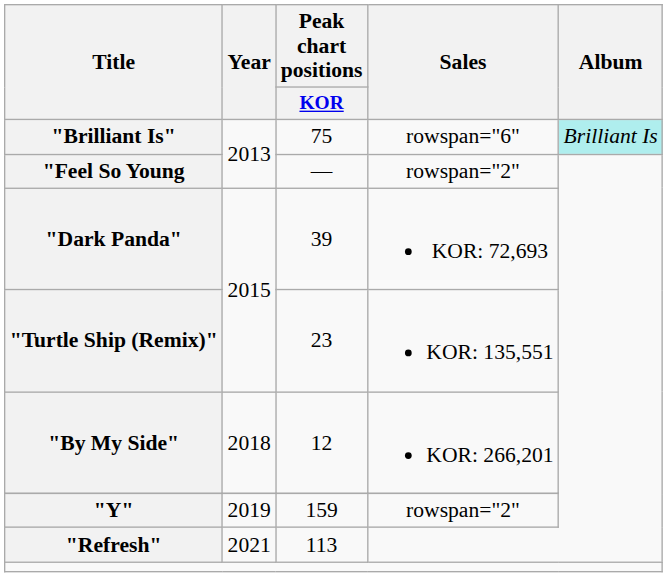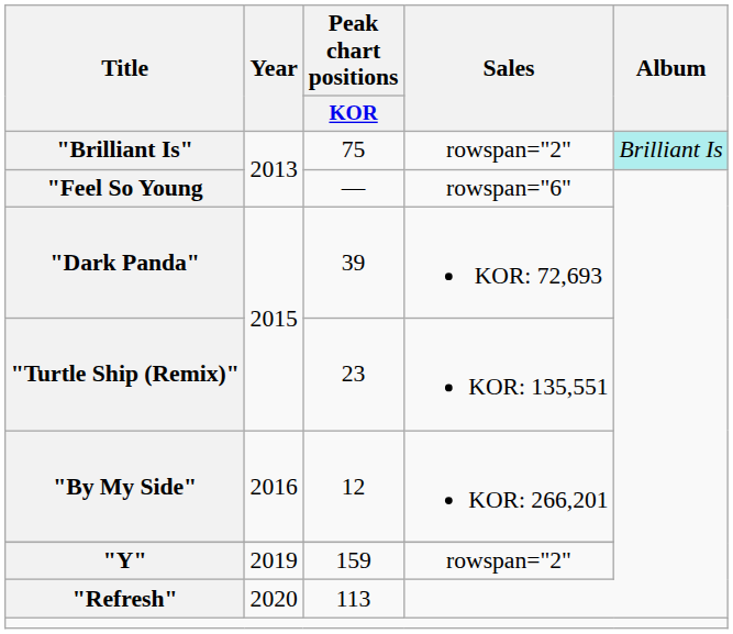 <table class="wikitable plainrowheaders" style="text-align:center;">
 <tr>
 <th scope="col" rowspan="2">Title</th>
 <th scope="col" rowspan="2">Year</th>
 <th scope="col" colspan="1">Peak chart positions</th>
 <th scope="col" rowspan="2">Sales</th>
 <th scope="col" rowspan="2">Album</th>
 </tr>
 <tr>
 <th scope="col" style="width:3em;font-size:90%;"><a href='#'>KOR</a><br></th>
 </tr>
 <tr>
 <th scope="row">"Brilliant Is" <br></th>
 <td rowspan="2">2013</td>
 <td>75</td>
-<td>rowspan="6" </td>
+<td>rowspan="2"</td>
 <td style="background: paleturquoise;"><em>Brilliant Is</em></td>
 </tr>
 <tr>
 <th scope="row">"Feel So Young </th>
 <td>—</td>
-<td>rowspan="2"</td>
+<td>rowspan="6" </td>
 </tr>
 <tr>
 <th scope="row">"Dark Panda" <br></th>
 <td rowspan="2">2015</td>
 <td>39</td>
 <td><br><ul><li>KOR: 72,693</li></ul></td>
 </tr>
 <tr>
 <th scope="row">"Turtle Ship (Remix)"<br></th>
 <td>23</td>
 <td><br><ul><li>KOR: 135,551</li></ul></td>
 </tr>
 <tr>
 <th scope="row">"By My Side" <br></th>
-<td>2018</td>
+<td>2016</td>
 <td>12</td>
 <td><br><ul><li>KOR: 266,201</li></ul></td>
 </tr>
 <tr>
 </tr>
 <tr>
 <th scope="row">"Y" </th>
 <td>2019</td>
 <td>159</td>
 <td>rowspan="2"</td>
 </tr>
 <tr>
 <th scope="row">"Refresh"<br></th>
-<td>2021</td>
+<td>2020</td>
 <td>113</td>
 </tr>
 <tr>
 <td colspan="5"></td>
 </tr>
 </table>
